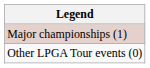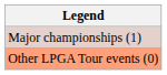 <table class="wikitable" style="font-size:95%;">
 <tr>
 <th>Legend</th>
 </tr>
 <tr style="background:#e5d1cb;">
 <td>Major championships  (1)</td>
 </tr>
 <tr>
-<td>Other LPGA Tour events (0)</td>
+<td style="background: lightsalmon;">Other LPGA Tour events (0)</td>
 </tr>
 </table>
